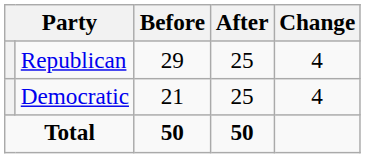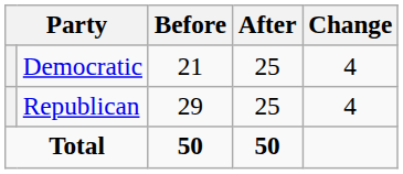 <table class="wikitable" style="text-align:center;">
 <tr>
 <th colspan="2">Party</th>
 <th>Before</th>
 <th>After</th>
 <th>Change</th>
 </tr>
 <tr>
 <th style="background-color:"></th>
-<td style="text-align:left;"><a href='#'>Republican</a></td>
-<td>29</td>
+<td style="text-align:left;"><a href='#'>Democratic</a></td>
+<td>21</td>
 <td>25</td>
 <td> 4</td>
 </tr>
 <tr>
 <th style="background-color:"></th>
-<td style="text-align:left;"><a href='#'>Democratic</a></td>
-<td>21</td>
+<td style="text-align:left;"><a href='#'>Republican</a></td>
+<td>29</td>
 <td>25</td>
 <td> 4</td>
 </tr>
 <tr>
 <td colspan="2"><strong>Total</strong></td>
 <td><strong>50</strong></td>
 <td><strong>50</strong></td>
 <td></td>
 </tr>
 </table>
